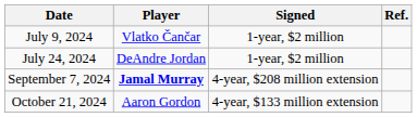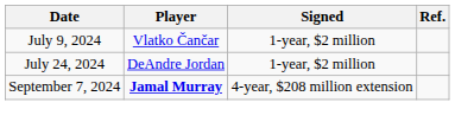 <table class="wikitable sortable sortable" style="text-align: center">
 <tr>
 <th>Date</th>
 <th>Player</th>
 <th>Signed</th>
 <th>Ref.</th>
 </tr>
 <tr>
 <td>July 9, 2024</td>
 <td><a href='#'>Vlatko Čančar</a></td>
 <td>1-year, $2 million</td>
 <td></td>
 </tr>
 <tr>
 <td>July 24, 2024</td>
 <td><a href='#'>DeAndre Jordan</a></td>
 <td>1-year, $2 million</td>
 <td></td>
 </tr>
 <tr>
 <td>September 7, 2024</td>
 <td><strong><a href='#'>Jamal Murray</a></strong></td>
 <td>4-year, $208 million extension</td>
 <td></td>
 </tr>
-<tr>
-<td>October 21, 2024</td>
-<td><a href='#'>Aaron Gordon</a></td>
-<td>4-year, $133 million extension</td>
-<td></td>
-</tr>
 </table>
